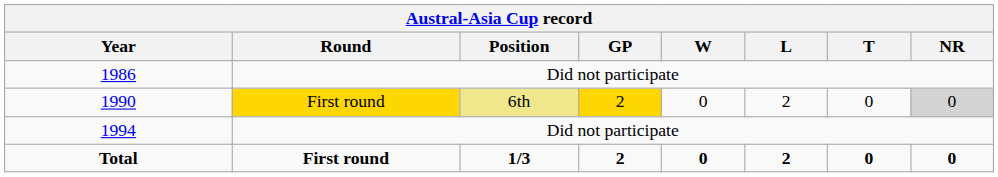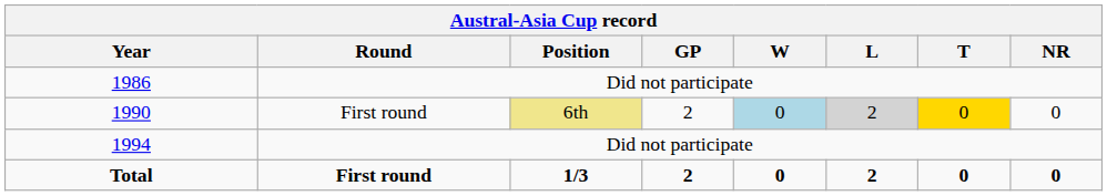 <table class="wikitable" style="text-align: center; width:900px">
 <tr>
 <th colspan=9><a href='#'>Austral-Asia Cup</a> record</th>
 </tr>
 <tr>
 <th width=150>Year</th>
 <th width=150>Round</th>
 <th width=75>Position</th>
 <th width=50>GP</th>
 <th width=50>W</th>
 <th width=50>L</th>
 <th width=50>T</th>
 <th width=50>NR</th>
 </tr>
 <tr>
 <td> <a href='#'>1986</a></td>
 <td colspan=8>Did not participate</td>
 </tr>
 <tr>
 <td> <a href='#'>1990</a></td>
-<td style="background: gold;">First round</td>
+<td>First round</td>
 <td style="background: khaki;">6th</td>
-<td style="background: gold;">2</td>
+<td>2</td>
+<td style="background: lightblue;">0</td>
+<td style="background: lightgrey;">2</td>
+<td style="background: gold;">0</td>
 <td>0</td>
-<td>2</td>
-<td>0</td>
-<td style="background: lightgrey;">0</td>
 </tr>
 <tr>
 <td> <a href='#'>1994</a></td>
 <td colspan=8>Did not participate</td>
 </tr>
 <tr>
 <td><strong>Total</strong></td>
 <td><strong>First round</strong></td>
 <td><strong>1/3</strong></td>
 <td><strong>2</strong></td>
 <td><strong>0</strong></td>
 <td><strong>2</strong></td>
 <td><strong>0</strong></td>
 <td><strong>0</strong></td>
 </tr>
 </table>
